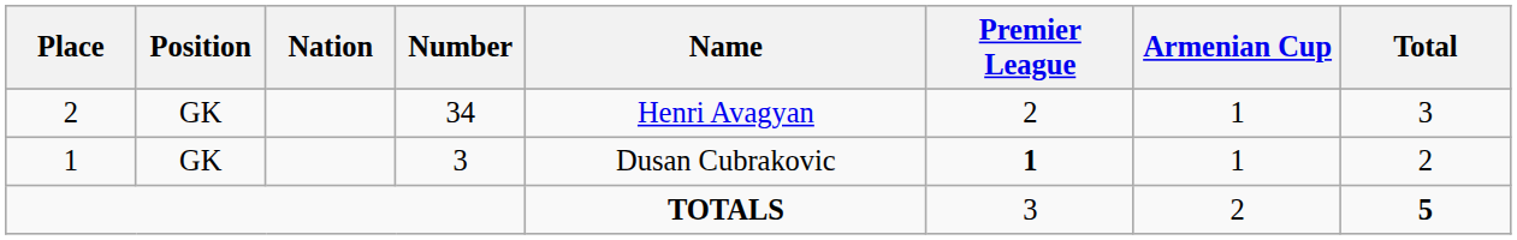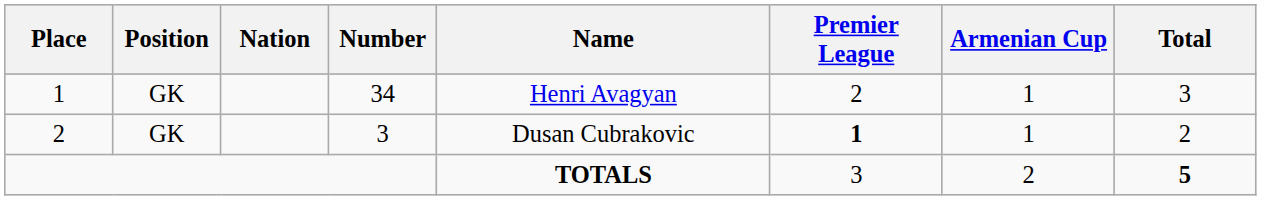 <table class="wikitable" style="font-size: 95%; text-align: center;">
 <tr>
 <th width=60>Place</th>
 <th width=60>Position</th>
 <th width=60>Nation</th>
 <th width=60>Number</th>
 <th width=200>Name</th>
 <th width=100><a href='#'>Premier League</a></th>
 <th width=100><a href='#'>Armenian Cup</a></th>
 <th width=80><strong>Total</strong></th>
 </tr>
 <tr>
-<td>2</td>
+<td>1</td>
 <td>GK</td>
 <td></td>
 <td>34</td>
 <td><a href='#'>Henri Avagyan</a></td>
 <td>2</td>
 <td>1</td>
 <td>3</td>
 </tr>
 <tr>
-<td>1</td>
+<td>2</td>
 <td>GK</td>
 <td></td>
 <td>3</td>
 <td>Dusan Cubrakovic</td>
 <td><strong>1</strong></td>
 <td>1</td>
 <td>2</td>
 </tr>
 <tr>
 <td colspan="4"></td>
 <td><strong>TOTALS</strong></td>
 <td>3</td>
 <td>2</td>
 <td><strong>5</strong></td>
 </tr>
 </table>
